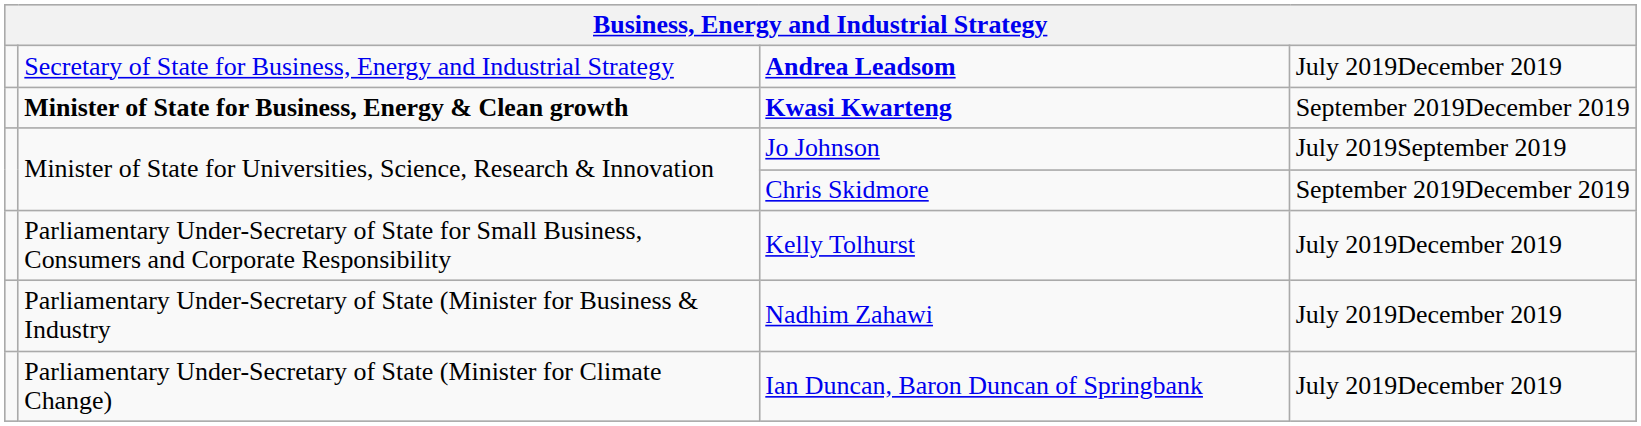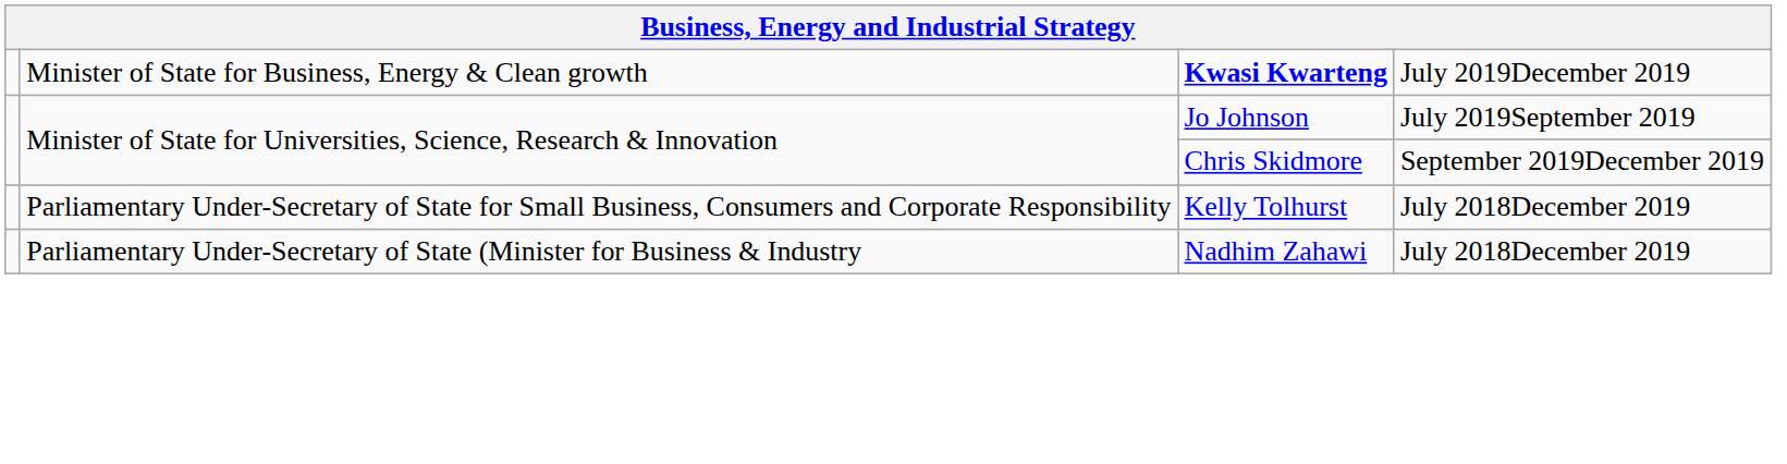 <table class="wikitable">
 <tr>
 <th colspan="4"><a href='#'>Business, Energy and Industrial Strategy</a></th>
 </tr>
 <tr>
 <td style="width: 1px; background: "></td>
-<td style="width: 450px;"><a href='#'>Secretary of State for Business, Energy and Industrial Strategy</a></td>
-<td style="width: 320px;"><strong><a href='#'>Andrea Leadsom</a></strong></td>
+<td>Minister of State for Business, Energy & Clean growth</td>
+<td><strong><a href='#'>Kwasi Kwarteng</a></strong></td>
 <td>July 2019December 2019</td>
-</tr>
-<tr>
-<td style="width: 1px; background: "></td>
-<td><strong>Minister of State for Business, Energy & Clean growth</strong></td>
-<td><strong><a href='#'>Kwasi Kwarteng</a></strong></td>
-<td>September 2019December 2019</td>
 </tr>
 <tr>
 <td rowspan=2 style="width: 1px; background: "></td>
 <td rowspan=2>Minister of State for Universities, Science, Research & Innovation</td>
 <td><a href='#'>Jo Johnson</a> <br></td>
 <td>July 2019September 2019</td>
 </tr>
 <tr>
 <td><a href='#'>Chris Skidmore</a> <br></td>
 <td>September 2019December 2019</td>
 </tr>
 <tr>
 <td style="width: 1px; background: "></td>
 <td>Parliamentary Under-Secretary of State for Small Business, Consumers and Corporate Responsibility</td>
 <td><a href='#'>Kelly Tolhurst</a></td>
-<td>July 2019December 2019</td>
+<td>July 2018December 2019</td>
 </tr>
 <tr>
 <td style="width: 1px; background: "></td>
 <td>Parliamentary Under-Secretary of State (Minister for Business & Industry</td>
 <td><a href='#'>Nadhim Zahawi</a></td>
-<td>July 2019December 2019</td>
-</tr>
-<tr>
-<td style="width: 1px; background: "></td>
-<td>Parliamentary Under-Secretary of State (Minister for Climate Change)</td>
-<td><a href='#'>Ian Duncan, Baron Duncan of Springbank</a> <br></td>
-<td>July 2019December 2019</td>
+<td>July 2018December 2019</td>
 </tr>
 </table>
